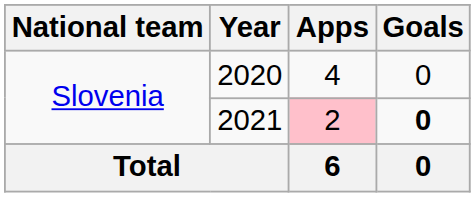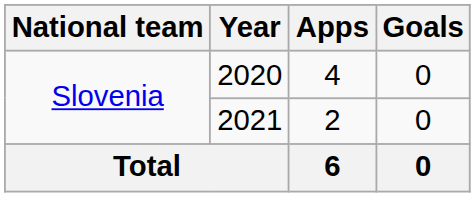 <table class="wikitable" style="text-align:center">
 <tr>
 <th>National team</th>
 <th>Year</th>
 <th>Apps</th>
 <th>Goals</th>
 </tr>
 <tr>
 <td rowspan="2"><a href='#'>Slovenia</a></td>
 <td>2020</td>
 <td>4</td>
 <td>0</td>
 </tr>
 <tr>
 <td>2021</td>
-<td style="background: pink;">2</td>
-<td><strong>0</strong></td>
+<td>2</td>
+<td>0</td>
 </tr>
 <tr>
 <th colspan="2">Total</th>
 <th>6</th>
 <th>0</th>
 </tr>
 </table>
